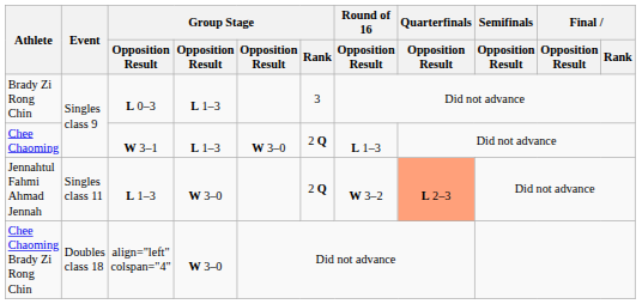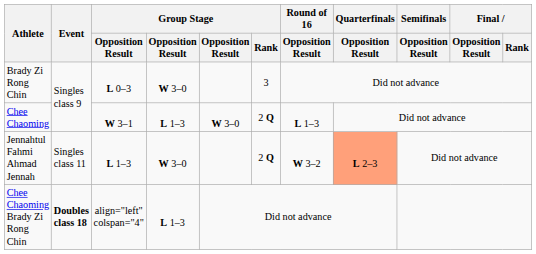 <table class=wikitable style="font-size:95%">
 <tr>
 <th rowspan="2">Athlete</th>
 <th rowspan="2">Event</th>
 <th colspan="4">Group Stage</th>
 <th>Round of 16</th>
 <th>Quarterfinals</th>
 <th>Semifinals</th>
 <th colspan="2">Final / </th>
 </tr>
 <tr>
 <th>Opposition<br>Result</th>
 <th>Opposition<br>Result</th>
 <th>Opposition<br>Result</th>
 <th>Rank</th>
 <th>Opposition<br>Result</th>
 <th>Opposition<br>Result</th>
 <th>Opposition<br>Result</th>
 <th>Opposition<br>Result</th>
 <th>Rank</th>
 </tr>
 <tr align=center>
 <td align=left>Brady Zi Rong Chin</td>
 <td align=left rowspan=2>Singles class 9</td>
 <td><br><strong>L</strong> 0–3</td>
-<td><br><strong>L</strong> 1–3</td>
+<td><br><strong>W</strong> 3–0</td>
 <td></td>
 <td>3</td>
 <td colspan="5">Did not advance</td>
 </tr>
 <tr align=center>
 <td align=left><a href='#'>Chee Chaoming</a></td>
 <td><br><strong>W</strong> 3–1</td>
 <td><br><strong>L</strong> 1–3</td>
 <td><br><strong>W</strong> 3–0</td>
 <td>2 <strong>Q</strong></td>
 <td><br><strong>L</strong> 1–3</td>
 <td colspan="4">Did not advance</td>
 </tr>
 <tr align=center>
 <td align=left>Jennahtul Fahmi Ahmad Jennah</td>
 <td align=left>Singles class 11</td>
 <td><br><strong>L</strong> 1–3</td>
 <td><br><strong>W</strong> 3–0</td>
 <td></td>
 <td>2 <strong>Q</strong></td>
 <td><br><strong>W</strong> 3–2</td>
 <td style="background: lightsalmon;"><br><strong>L</strong> 2–3</td>
 <td colspan="3">Did not advance</td>
 </tr>
 <tr align=center>
 <td align=left><a href='#'>Chee Chaoming</a><br>Brady Zi Rong Chin</td>
-<td align=left>Doubles class 18</td>
+<td align=left><strong>Doubles class 18</strong></td>
 <td>align="left" colspan="4" </td>
-<td><br><strong>W</strong> 3–0</td>
+<td><br><strong>L</strong> 1–3</td>
 <td colspan="4">Did not advance</td>
 </tr>
 </table>
